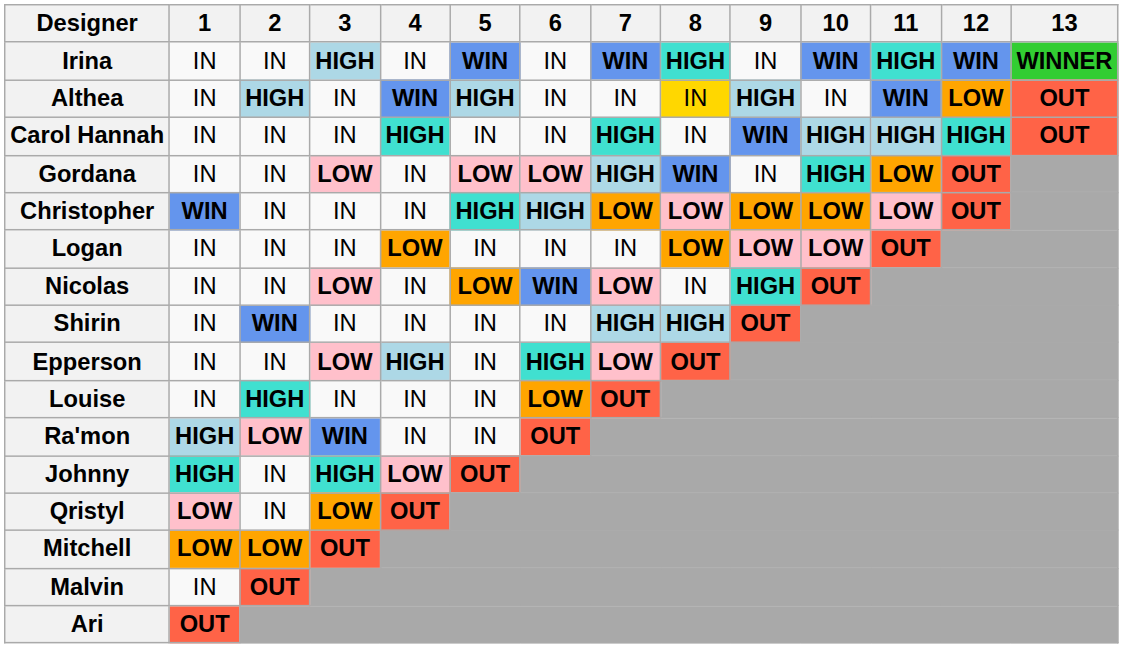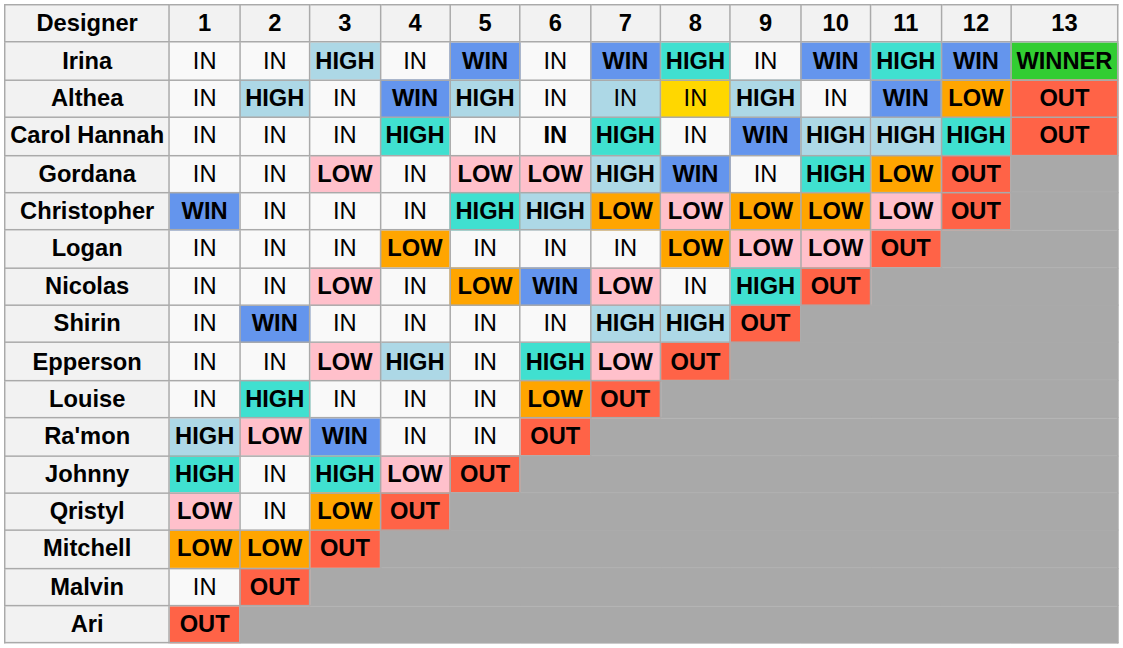 <table class="wikitable" style="text-align:center">
 <tr>
 <th>Designer</th>
 <th>1</th>
 <th>2</th>
 <th>3</th>
 <th>4</th>
 <th>5</th>
 <th>6</th>
 <th>7</th>
 <th>8</th>
 <th>9</th>
 <th>10</th>
 <th>11</th>
 <th>12</th>
 <th>13</th>
 </tr>
 <tr>
 <th>Irina</th>
 <td>IN</td>
 <td>IN</td>
 <td style="background:lightblue;"><strong>HIGH</strong></td>
 <td>IN</td>
 <td style="background:cornflowerblue;"><strong>WIN</strong></td>
 <td>IN</td>
 <td style="background:cornflowerblue;"><strong>WIN</strong></td>
 <td style="background: turquoise;"><strong>HIGH</strong></td>
 <td>IN</td>
 <td style="background:cornflowerblue;"><strong>WIN</strong></td>
 <td style="background:turquoise;"><strong>HIGH</strong></td>
 <td style="background:cornflowerblue;"><strong>WIN</strong></td>
 <td style="background:limegreen;"><strong>WINNER</strong></td>
 </tr>
 <tr>
 <th>Althea</th>
 <td>IN</td>
 <td style="background:lightblue;"><strong>HIGH</strong></td>
 <td>IN</td>
 <td style="background:cornflowerblue;"><strong>WIN</strong></td>
 <td style="background:lightblue;"><strong>HIGH</strong></td>
 <td>IN</td>
-<td>IN</td>
+<td style="background: lightblue;">IN</td>
 <td style="background: gold;">IN</td>
 <td style="background:lightblue;"><strong>HIGH</strong></td>
 <td>IN</td>
 <td style="background:cornflowerblue;"><strong>WIN</strong></td>
 <td style="background:orange;"><strong>LOW</strong></td>
 <td style="background:tomato;"><strong>OUT</strong></td>
 </tr>
 <tr>
 <th>Carol Hannah</th>
 <td>IN</td>
 <td>IN</td>
 <td>IN</td>
 <td style="background:turquoise;"><strong>HIGH</strong></td>
 <td>IN</td>
-<td>IN</td>
+<td><strong>IN</strong></td>
 <td style="background:turquoise;"><strong>HIGH</strong></td>
 <td>IN</td>
 <td style="background:cornflowerblue;"><strong>WIN</strong></td>
 <td style="background:lightblue;"><strong>HIGH</strong></td>
 <td style="background:lightblue;"><strong>HIGH</strong></td>
 <td style="background: turquoise;"><strong>HIGH</strong></td>
 <td style="background:tomato;"><strong>OUT</strong></td>
 </tr>
 <tr>
 <th>Gordana</th>
 <td>IN</td>
 <td>IN</td>
 <td style="background:pink;"><strong>LOW</strong></td>
 <td>IN</td>
 <td style="background:pink;"><strong>LOW</strong></td>
 <td style="background:pink;"><strong>LOW</strong></td>
 <td style="background:lightblue;"><strong>HIGH</strong></td>
 <td style="background:cornflowerblue;"><strong>WIN</strong></td>
 <td>IN</td>
 <td style="background:turquoise;"><strong>HIGH</strong></td>
 <td style="background:orange;"><strong>LOW</strong></td>
 <td style="background:tomato;"><strong>OUT</strong></td>
 <td style="background:darkgray;" colspan="2"></td>
 </tr>
 <tr>
 <th>Christopher</th>
 <td style="background:cornflowerblue;"><strong>WIN</strong></td>
 <td>IN</td>
 <td>IN</td>
 <td>IN</td>
 <td style="background: turquoise;"><strong>HIGH</strong></td>
 <td style="background:lightblue;"><strong>HIGH</strong></td>
 <td style="background:orange;"><strong>LOW</strong></td>
 <td style="background:pink;"><strong>LOW</strong></td>
 <td style="background:orange;"><strong>LOW</strong></td>
 <td style="background:orange;"><strong>LOW</strong></td>
 <td style="background:pink;"><strong>LOW</strong></td>
 <td style="background:tomato;"><strong>OUT</strong></td>
 <td style="background:darkgray;" colspan="2"></td>
 </tr>
 <tr>
 <th>Logan</th>
 <td>IN</td>
 <td>IN</td>
 <td>IN</td>
 <td style="background:orange;"><strong>LOW</strong></td>
 <td>IN</td>
 <td>IN</td>
 <td>IN</td>
 <td style="background:orange;"><strong>LOW</strong></td>
 <td style="background:pink;"><strong>LOW</strong></td>
 <td style="background:pink;"><strong>LOW</strong></td>
 <td style="background:tomato;"><strong>OUT</strong></td>
 <td style="background:darkgray;" colspan="2"></td>
 </tr>
 <tr>
 <th>Nicolas</th>
 <td>IN</td>
 <td>IN</td>
 <td style="background:pink;"><strong>LOW</strong></td>
 <td>IN</td>
 <td style="background: orange;"><strong>LOW</strong></td>
 <td style="background: cornflowerblue;"><strong>WIN</strong></td>
 <td style="background:pink;"><strong>LOW</strong></td>
 <td>IN</td>
 <td style="background:turquoise;"><strong>HIGH</strong></td>
 <td style="background:tomato;"><strong>OUT</strong></td>
 <td style="background:darkgray;" colspan="3"></td>
 </tr>
 <tr>
 <th>Shirin</th>
 <td>IN</td>
 <td style="background:cornflowerblue;"><strong>WIN</strong></td>
 <td>IN</td>
 <td>IN</td>
 <td>IN</td>
 <td>IN</td>
 <td style="background:lightblue;"><strong>HIGH</strong></td>
 <td style="background:lightblue;"><strong>HIGH</strong></td>
 <td style="background:tomato"><strong>OUT</strong></td>
 <td style="background:darkgray;" colspan="4"></td>
 </tr>
 <tr>
 <th>Epperson</th>
 <td>IN</td>
 <td>IN</td>
 <td style="background:pink"><strong>LOW</strong></td>
 <td style="background:lightblue;"><strong> HIGH</strong></td>
 <td>IN</td>
 <td style="background:turquoise;"><strong>HIGH</strong></td>
 <td style="background:pink;"><strong>LOW</strong></td>
 <td style="background:tomato"><strong>OUT</strong></td>
 <td style="background:darkgray;" colspan="5"></td>
 </tr>
 <tr>
 <th>Louise</th>
 <td>IN</td>
 <td style="background: turquoise;"><strong>HIGH</strong></td>
 <td>IN</td>
 <td>IN</td>
 <td>IN</td>
 <td style="background: orange;"><strong>LOW</strong></td>
 <td style="background:tomato;"><strong>OUT</strong></td>
 <td style="background:darkgray;" colspan="6"></td>
 </tr>
 <tr>
 <th>Ra'mon</th>
 <td style="background:lightblue;"><strong>HIGH</strong></td>
 <td style="background:pink"><strong>LOW</strong></td>
 <td style="background:cornflowerblue;"><strong>WIN</strong></td>
 <td>IN</td>
 <td>IN</td>
 <td style="background: tomato;"><strong>OUT</strong></td>
 <td style="background:darkgray;" colspan="7"></td>
 </tr>
 <tr>
 <th>Johnny</th>
 <td style="background: turquoise; "><strong>HIGH</strong></td>
 <td>IN</td>
 <td style="background: turquoise;"><strong>HIGH</strong></td>
 <td style="background:pink;"><strong>LOW</strong></td>
 <td style="background:tomato;"><strong>OUT</strong></td>
 <td style="background:darkgray;" colspan="8"></td>
 </tr>
 <tr>
 <th>Qristyl</th>
 <td style="background:pink;"><strong>LOW</strong></td>
 <td>IN</td>
 <td style="background:orange;"><strong>LOW</strong></td>
 <td style="background:tomato;"><strong>OUT</strong></td>
 <td style="background:darkgray;" colspan="9"></td>
 </tr>
 <tr>
 <th>Mitchell</th>
 <td style="background:orange;"><strong>LOW</strong></td>
 <td style="background: orange;"><strong>LOW</strong></td>
 <td style="background:tomato;"><strong>OUT</strong></td>
 <td style="background:darkgray;" colspan="10"></td>
 </tr>
 <tr>
 <th>Malvin</th>
 <td>IN</td>
 <td style="background:tomato;"><strong>OUT</strong></td>
 <td style="background:darkgray;" colspan="11"></td>
 </tr>
 <tr>
 <th>Ari</th>
 <td style="background:tomato;"><strong>OUT</strong></td>
 <td style="background:darkgray;" colspan="12"></td>
 </tr>
 </table>
